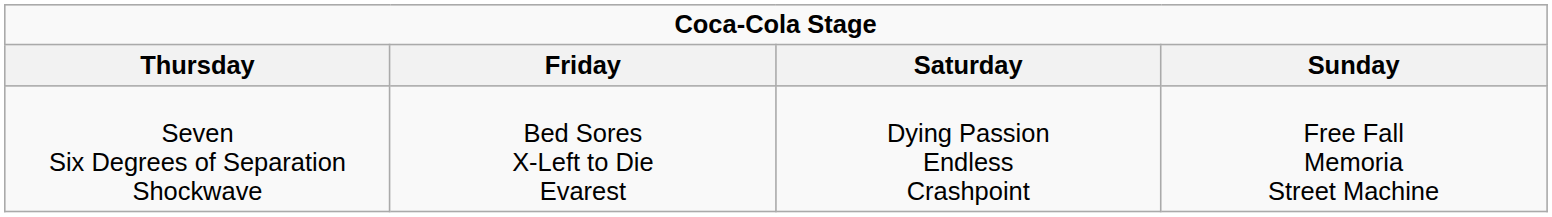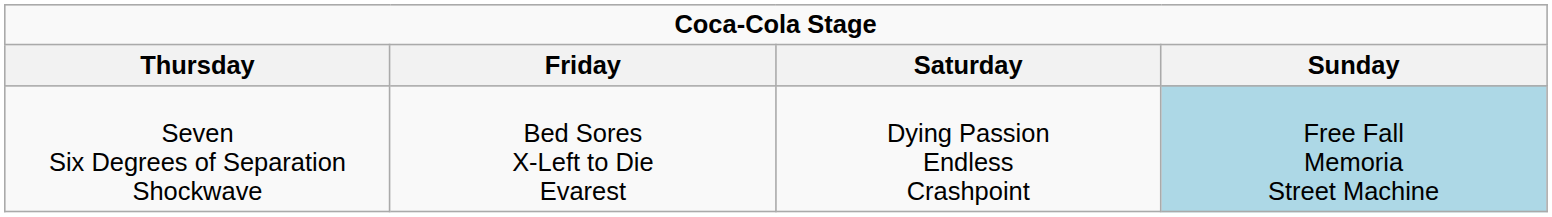 <table class="wikitable">
 <tr>
 <td colspan="4" align="center"><strong>Coca-Cola Stage</strong></td>
 </tr>
 <tr>
 <th>Thursday</th>
 <th>Friday</th>
 <th>Saturday</th>
 <th>Sunday</th>
 </tr>
 <tr>
 <td valign="top" align="center" width=235><br>Seven <br> Six Degrees of Separation <br> Shockwave <br></td>
 <td valign="top" align="center" width=235><br>Bed Sores <br> X-Left to Die<br> Evarest <br></td>
 <td valign="top" align="center" width=235><br>Dying Passion<br> Endless<br> Crashpoint <br></td>
-<td valign="top" align="center" width=235><br>Free Fall <br> Memoria  <br> Street Machine <br></td>
+<td valign="top" align="center" width=235 style="background: lightblue;"><br>Free Fall <br> Memoria  <br> Street Machine <br></td>
 </tr>
 </table>
